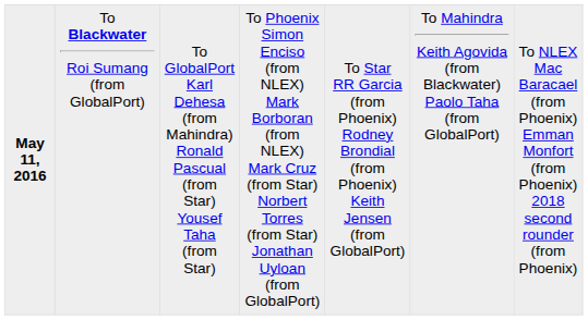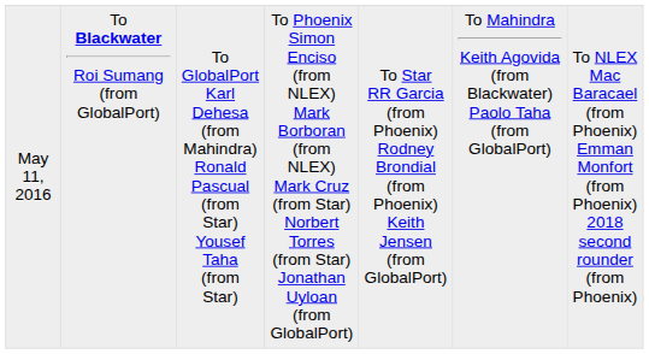 <table border=1 style="border-collapse:collapse; text-align: center; width: 100%" bordercolor="#DFDFDF"  cellpadding="5">
 <tr>
 </tr>
 <tr bgcolor="eeeeee">
-<td style="width:12%"><strong>May 11, 2016</strong></td>
+<td style="width:12%">May 11, 2016</td>
 <td style="width:25%" valign="top">To <strong><a href='#'>Blackwater</a></strong><hr><a href='#'>Roi Sumang</a> (from GlobalPort)</td>
 <td>To <a href='#'>GlobalPort</a><br><a href='#'>Karl Dehesa</a> (from Mahindra)<br><a href='#'>Ronald Pascual</a> (from Star)<br><a href='#'>Yousef Taha</a> (from Star)</td>
 <td>To <a href='#'>Phoenix</a><br><a href='#'>Simon Enciso</a> (from NLEX)<br><a href='#'>Mark Borboran</a> (from NLEX)<br><a href='#'>Mark Cruz</a> (from Star)<br><a href='#'>Norbert Torres</a> (from Star)<br><a href='#'>Jonathan Uyloan</a> (from GlobalPort)</td>
 <td>To <a href='#'>Star</a><br><a href='#'>RR Garcia</a> (from Phoenix)<br><a href='#'>Rodney Brondial</a> (from Phoenix)<br><a href='#'>Keith Jensen</a> (from GlobalPort)</td>
 <td style="width:25%" valign="top">To <a href='#'>Mahindra</a><hr><a href='#'>Keith Agovida</a> (from Blackwater)<br><a href='#'>Paolo Taha</a> (from GlobalPort)</td>
 <td>To <a href='#'>NLEX</a><br><a href='#'>Mac Baracael</a> (from Phoenix)<br><a href='#'>Emman Monfort</a> (from Phoenix)<br><a href='#'>2018 second rounder</a> (from Phoenix)</td>
 </tr>
 </table>
